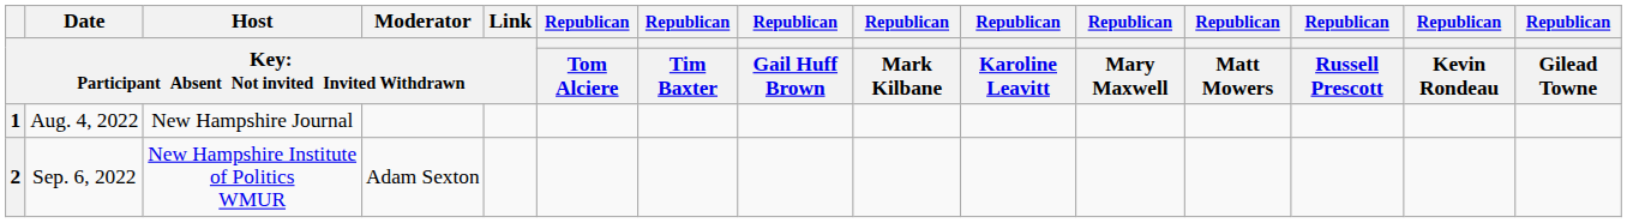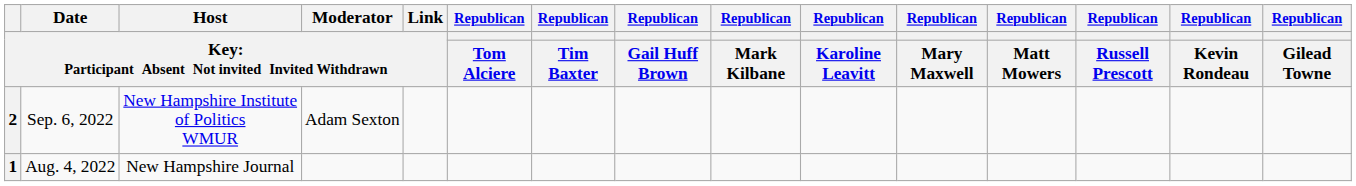 <table class="wikitable" style="text-align:center;">
 <tr>
 <th scope="col"></th>
 <th scope="col">Date</th>
 <th scope="col">Host</th>
 <th scope="col">Moderator</th>
 <th scope="col">Link</th>
 <th scope="col"><small><a href='#'>Republican</a></small></th>
 <th scope="col"><small><a href='#'>Republican</a></small></th>
 <th scope="col"><small><a href='#'>Republican</a></small></th>
 <th scope="col"><small><a href='#'>Republican</a></small></th>
 <th scope="col"><small><a href='#'>Republican</a></small></th>
 <th scope="col"><small><a href='#'>Republican</a></small></th>
 <th scope="col"><small><a href='#'>Republican</a></small></th>
 <th scope="col"><small><a href='#'>Republican</a></small></th>
 <th scope="col"><small><a href='#'>Republican</a></small></th>
 <th scope="col"><small><a href='#'>Republican</a></small></th>
 </tr>
 <tr>
 <th colspan="5" rowspan="2">Key:<br> <small>Participant </small>  <small>Absent </small>  <small>Not invited </small>  <small>Invited  Withdrawn</small></th>
 <th scope="col" style="background:"></th>
 <th scope="col" style="background:"></th>
 <th scope="col" style="background:"></th>
 <th scope="col" style="background:"></th>
 <th scope="col" style="background:"></th>
 <th scope="col" style="background:"></th>
 <th scope="col" style="background:"></th>
 <th scope="col" style="background:"></th>
 <th scope="col" style="background:"></th>
 <th scope="col" style="background:"></th>
 </tr>
 <tr>
 <th scope="col"><a href='#'>Tom Alciere</a></th>
 <th scope="col"><a href='#'>Tim Baxter</a></th>
 <th scope="col"><a href='#'>Gail Huff Brown</a></th>
 <th scope="col">Mark Kilbane</th>
 <th scope="col"><a href='#'>Karoline Leavitt</a></th>
 <th scope="col">Mary Maxwell</th>
 <th scope="col">Matt Mowers</th>
 <th scope="col"><a href='#'>Russell Prescott</a></th>
 <th scope="col">Kevin Rondeau</th>
 <th scope="col">Gilead Towne</th>
 </tr>
 <tr>
+<th>2</th>
+<td style="white-space:nowrap;">Sep. 6, 2022</td>
+<td style="white-space:nowrap;"><a href='#'>New Hampshire Institute</a><br><a href='#'>of Politics</a><br><a href='#'>WMUR</a></td>
+<td style="white-space:nowrap;">Adam Sexton</td>
+<td style="white-space:nowrap;"></td>
+<td></td>
+<td></td>
+<td></td>
+<td></td>
+<td></td>
+<td></td>
+<td></td>
+<td></td>
+<td></td>
+<td></td>
+</tr>
+<tr>
 <th>1</th>
 <td style="white-space:nowrap;">Aug. 4, 2022</td>
 <td style="white-space:nowrap;">New Hampshire Journal</td>
 <td style="white-space:nowrap;"></td>
 <td style="white-space:nowrap;"></td>
 <td></td>
 <td></td>
 <td></td>
 <td></td>
 <td></td>
 <td></td>
 <td></td>
 <td></td>
 <td></td>
 <td></td>
 </tr>
-<tr>
-<th>2</th>
-<td style="white-space:nowrap;">Sep. 6, 2022</td>
-<td style="white-space:nowrap;"><a href='#'>New Hampshire Institute</a><br><a href='#'>of Politics</a><br><a href='#'>WMUR</a></td>
-<td style="white-space:nowrap;">Adam Sexton</td>
-<td style="white-space:nowrap;"></td>
-<td></td>
-<td></td>
-<td></td>
-<td></td>
-<td></td>
-<td></td>
-<td></td>
-<td></td>
-<td></td>
-<td></td>
-</tr>
 </table>
